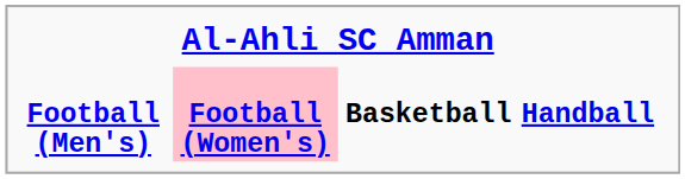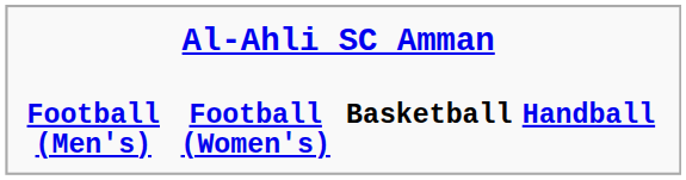 <table class="infobox" style="width: 270px;">
 <tr>
 <th colspan="4"><a href='#'><span>Al-Ahli SC Amman</span></a></th>
 </tr>
 <tr style="font-size: 85%; text-align: center">
 <td><br><strong><a href='#'>Football (Men's)</a></strong></td>
-<td style="background: pink;"><br><strong><a href='#'>Football (Women's)</a></strong></td>
+<td><br><strong><a href='#'>Football (Women's)</a></strong></td>
 <td><br><strong>Basketball</strong></td>
 <td><br><strong><a href='#'>Handball</a></strong></td>
 <td></td>
 </tr>
 </table>
